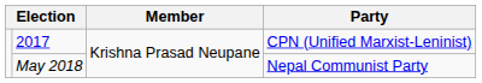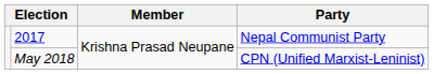 <table class="wikitable">
 <tr>
 <th colspan="2">Election</th>
 <th>Member</th>
 <th>Party</th>
 </tr>
 <tr>
 <td rowspan="2" style="background-color:"></td>
 <td><a href='#'>2017</a></td>
 <td rowspan="2">Krishna Prasad Neupane</td>
-<td><a href='#'>CPN (Unified Marxist-Leninist)</a></td>
+<td><a href='#'>Nepal Communist Party</a></td>
 </tr>
 <tr>
 <td><em>May 2018</em></td>
-<td><a href='#'>Nepal Communist Party</a></td>
+<td><a href='#'>CPN (Unified Marxist-Leninist)</a></td>
 </tr>
 </table>
